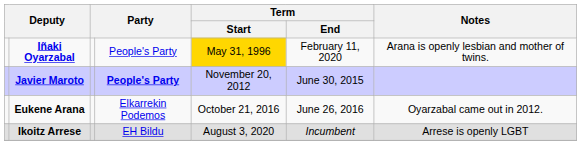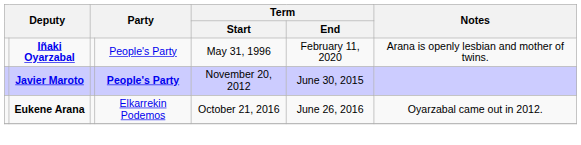 <table class="wikitable sortable" style="text-align:center">
 <tr>
 <th colspan="2" rowspan="2">Deputy</th>
 <th colspan="2" rowspan="2">Party</th>
 <th colspan="2">Term</th>
 <th rowspan="2">Notes</th>
 </tr>
 <tr>
 <th>Start</th>
 <th>End</th>
 </tr>
 <tr>
 <td></td>
 <td><strong><a href='#'>Iñaki Oyarzabal</a></strong></td>
 <td style="background-color:"></td>
 <td><a href='#'>People's Party</a></td>
-<td style="background: gold;">May 31, 1996</td>
+<td>May 31, 1996</td>
 <td>February 11, 2020</td>
 <td>Arana is openly lesbian and mother of twins.</td>
 </tr>
 <tr style="background:#CCF">
 <td></td>
 <td><strong><a href='#'>Javier Maroto</a></strong></td>
 <td style="background-color:"></td>
 <td><strong><a href='#'>People's Party</a></strong></td>
 <td>November 20, 2012</td>
 <td>June 30, 2015</td>
 <td></td>
 </tr>
 <tr>
 <td></td>
 <td><strong>Eukene Arana</strong></td>
 <td style="background-color:"></td>
 <td><a href='#'>Elkarrekin Podemos</a></td>
 <td>October 21, 2016</td>
 <td>June 26, 2016</td>
 <td>Oyarzabal came out in 2012.</td>
 </tr>
-<tr style="background:#e0e0e0">
-<td></td>
-<td><strong>Ikoitz Arrese</strong></td>
-<td style="background-color:"></td>
-<td><a href='#'>EH Bildu</a></td>
-<td>August 3, 2020</td>
-<td><em>Incumbent</em></td>
-<td>Arrese is openly LGBT</td>
-</tr>
 <tr>
 </tr>
 </table>
